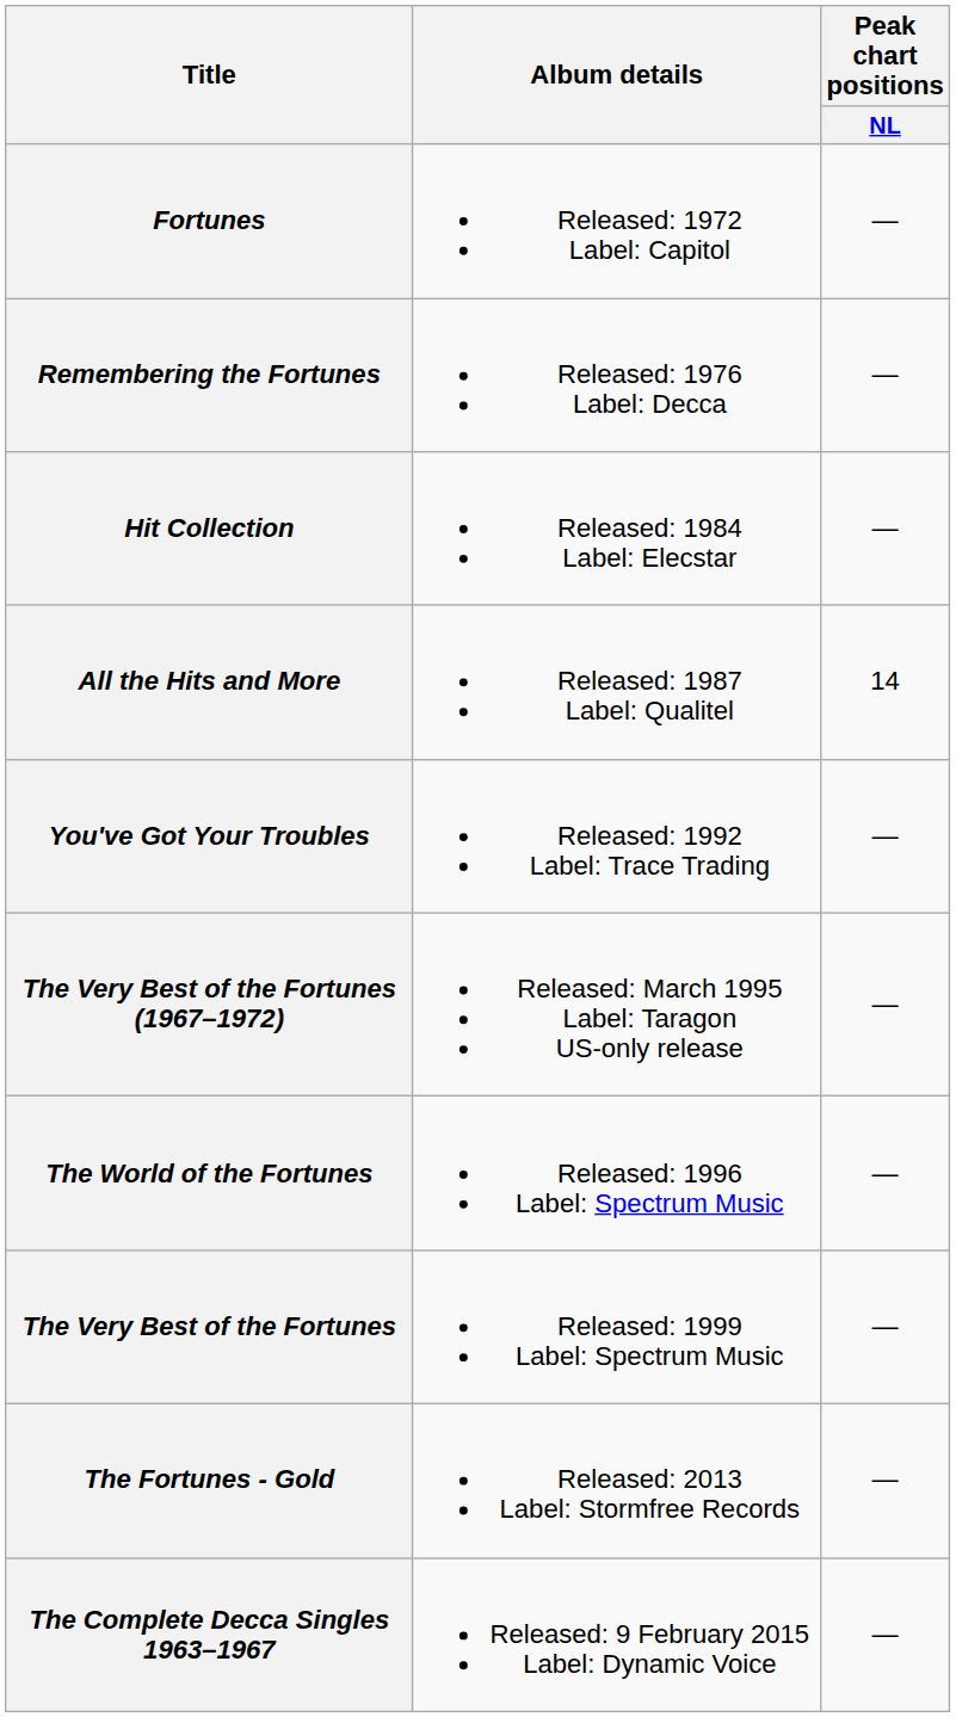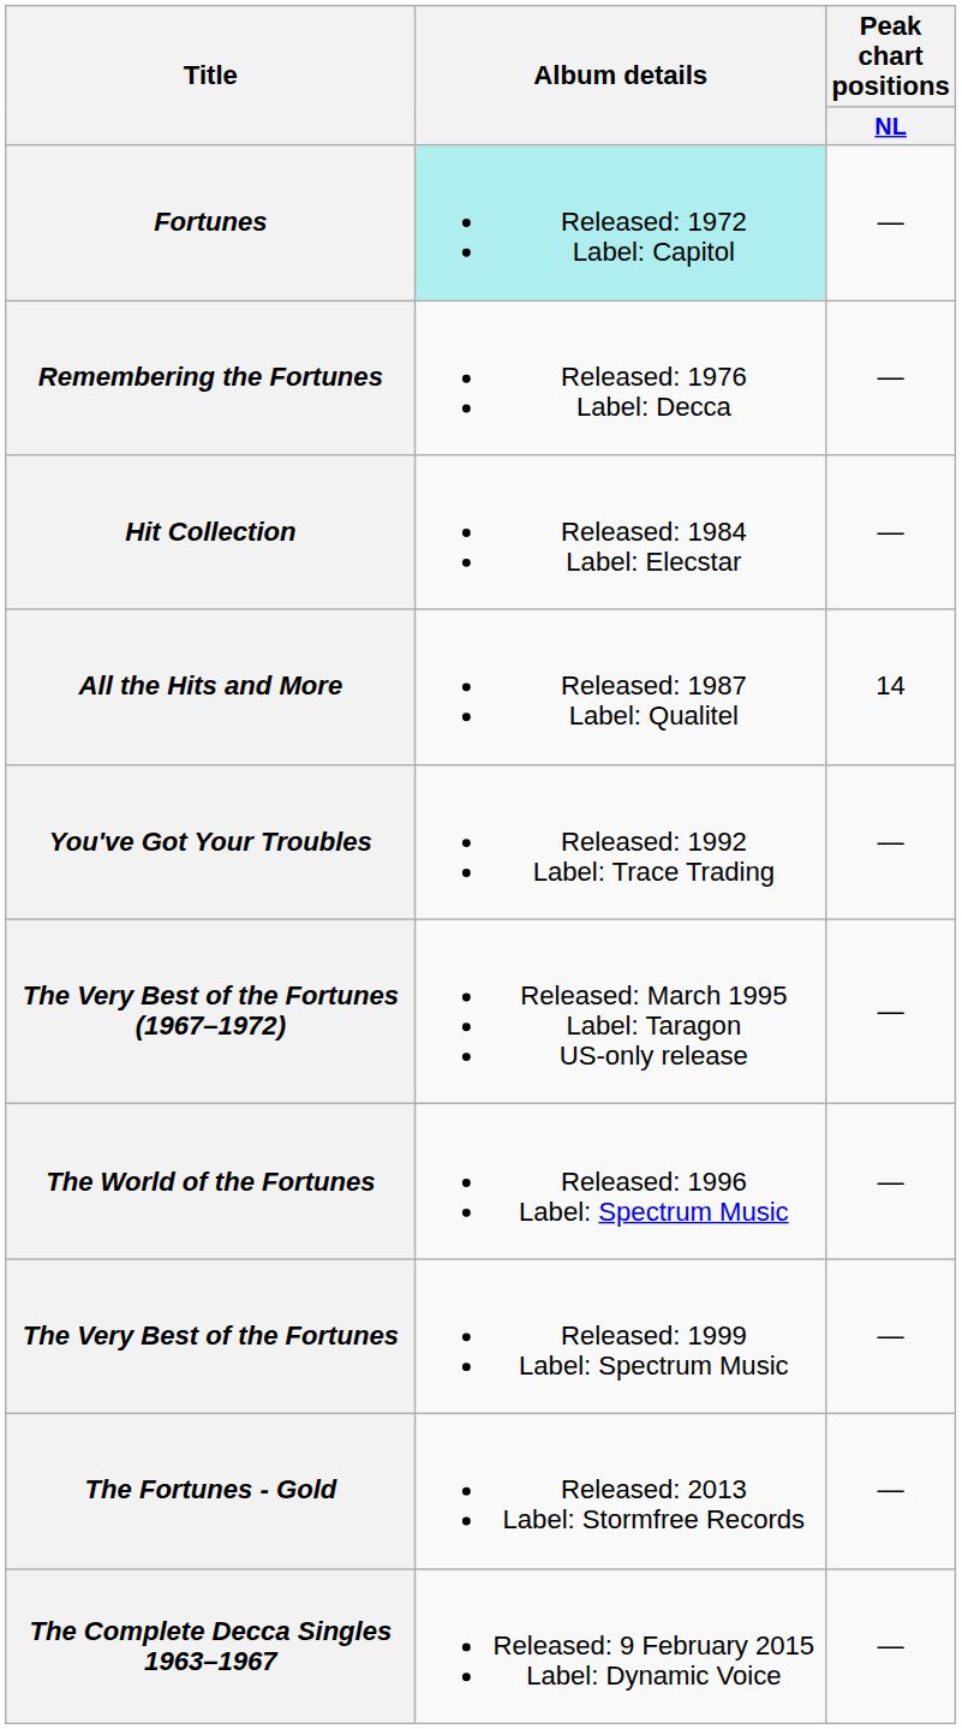 <table class="wikitable plainrowheaders" style="text-align:center;">
 <tr>
 <th rowspan="2" scope="col" style="width:15em;">Title</th>
 <th rowspan="2" scope="col" style="width:15em;">Album details</th>
 <th>Peak chart<br>positions</th>
 </tr>
 <tr>
 <th scope="col" style="width:3em;font-size:90%;"><a href='#'>NL</a><br></th>
 </tr>
 <tr>
 <th scope="row"><em>Fortunes</em></th>
-<td><br><ul><li>Released: 1972</li><li>Label: Capitol</li></ul></td>
+<td style="background: paleturquoise;"><br><ul><li>Released: 1972</li><li>Label: Capitol</li></ul></td>
 <td>—</td>
 </tr>
 <tr>
 <th scope="row"><em>Remembering the Fortunes</em></th>
 <td><br><ul><li>Released: 1976</li><li>Label: Decca</li></ul></td>
 <td>—</td>
 </tr>
 <tr>
 <th scope="row"><em>Hit Collection</em></th>
 <td><br><ul><li>Released: 1984</li><li>Label: Elecstar</li></ul></td>
 <td>—</td>
 </tr>
 <tr>
 <th scope="row"><em>All the Hits and More</em></th>
 <td><br><ul><li>Released: 1987</li><li>Label: Qualitel</li></ul></td>
 <td>14</td>
 </tr>
 <tr>
 <th scope="row"><em>You've Got Your Troubles</em></th>
 <td><br><ul><li>Released: 1992</li><li>Label: Trace Trading</li></ul></td>
 <td>—</td>
 </tr>
 <tr>
 <th scope="row"><em>The Very Best of the Fortunes (1967–1972)</em></th>
 <td><br><ul><li>Released: March 1995</li><li>Label: Taragon</li><li>US-only release</li></ul></td>
 <td>—</td>
 </tr>
 <tr>
 <th scope="row"><em>The World of the Fortunes</em></th>
 <td><br><ul><li>Released: 1996</li><li>Label: <a href='#'>Spectrum Music</a></li></ul></td>
 <td>—</td>
 </tr>
 <tr>
 <th scope="row"><em>The Very Best of the Fortunes</em></th>
 <td><br><ul><li>Released: 1999</li><li>Label: Spectrum Music</li></ul></td>
 <td>—</td>
 </tr>
 <tr>
 <th scope="row"><em>The Fortunes - Gold</em></th>
 <td><br><ul><li>Released: 2013</li><li>Label: Stormfree Records</li></ul></td>
 <td>—</td>
 </tr>
 <tr>
 <th scope="row"><em>The Complete Decca Singles 1963–1967</em></th>
 <td><br><ul><li>Released: 9 February 2015</li><li>Label: Dynamic Voice</li></ul></td>
 <td>—</td>
 </tr>
 </table>
